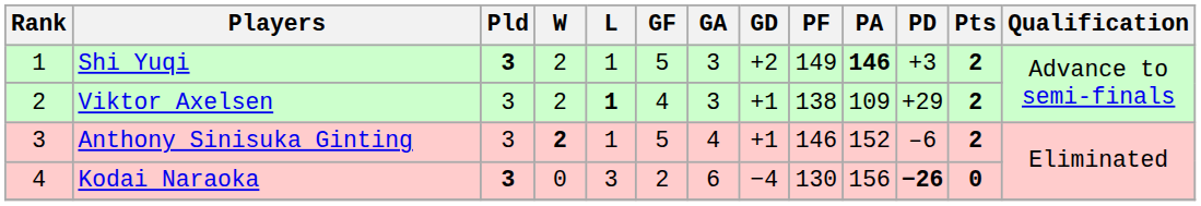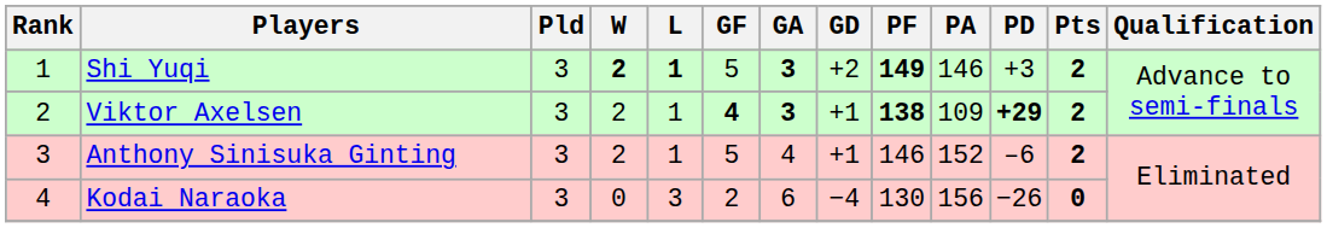 <table class="wikitable" style="font-size:90%; text-align:center">
 <tr>
 <th width="20">Rank</th>
 <th width="200">Players</th>
 <th width="20">Pld</th>
 <th width="20">W</th>
 <th width="20">L</th>
 <th width="20">GF</th>
 <th width="20">GA</th>
 <th width="20">GD</th>
 <th width="20">PF</th>
 <th width="20">PA</th>
 <th width="20">PD</th>
 <th width="20">Pts</th>
 <th width="20">Qualification</th>
 </tr>
 <tr bgcolor="#ccffcc">
 <td>1</td>
 <td align="left"> <a href='#'>Shi Yuqi</a></td>
+<td>3</td>
+<td><strong>2</strong></td>
+<td><strong>1</strong></td>
+<td>5</td>
 <td><strong>3</strong></td>
-<td>2</td>
-<td>1</td>
-<td>5</td>
-<td>3</td>
 <td>+2</td>
-<td>149</td>
-<td><strong>146</strong></td>
+<td><strong>149</strong></td>
+<td>146</td>
 <td>+3</td>
 <td><strong>2</strong></td>
 <td rowspan="2">Advance to <a href='#'>semi-finals</a></td>
 </tr>
 <tr bgcolor="#ccffcc">
 <td>2</td>
 <td align="left"> <a href='#'>Viktor Axelsen</a></td>
 <td>3</td>
 <td>2</td>
-<td><strong>1</strong></td>
-<td>4</td>
-<td>3</td>
+<td>1</td>
+<td><strong>4</strong></td>
+<td><strong>3</strong></td>
 <td>+1</td>
-<td>138</td>
+<td><strong>138</strong></td>
 <td>109</td>
-<td>+29</td>
+<td><strong>+29</strong></td>
 <td><strong>2</strong></td>
 </tr>
 <tr bgcolor="#ffcccc">
 <td>3</td>
 <td align="left"> <a href='#'>Anthony Sinisuka Ginting</a></td>
 <td>3</td>
-<td><strong>2</strong></td>
+<td>2</td>
 <td>1</td>
 <td>5</td>
 <td>4</td>
 <td>+1</td>
 <td>146</td>
 <td>152</td>
 <td>–6</td>
 <td><strong>2</strong></td>
 <td rowspan="2">Eliminated</td>
 </tr>
 <tr bgcolor="#ffcccc">
 <td>4</td>
 <td align="left"> <a href='#'>Kodai Naraoka</a></td>
-<td><strong>3</strong></td>
+<td>3</td>
 <td>0</td>
 <td>3</td>
 <td>2</td>
 <td>6</td>
 <td>−4</td>
 <td>130</td>
 <td>156</td>
-<td><strong>−26</strong></td>
+<td>−26</td>
 <td><strong>0</strong></td>
 </tr>
 <tr>
 </tr>
 </table>
